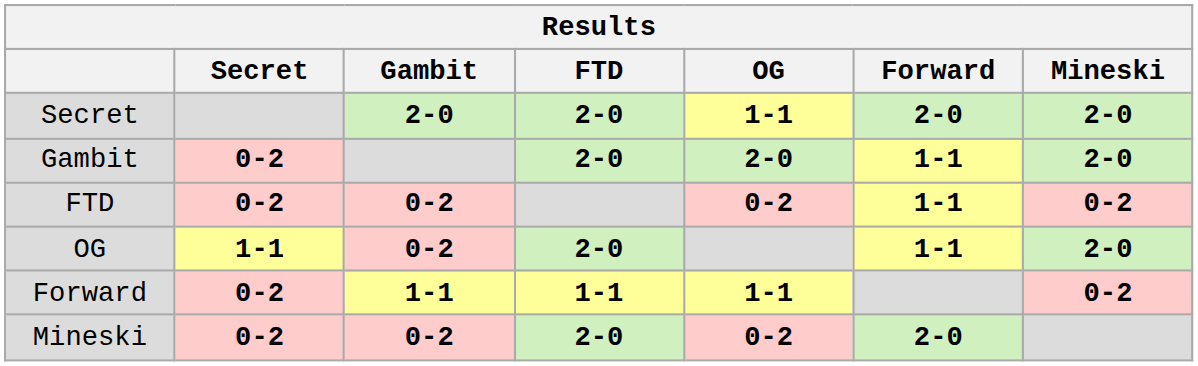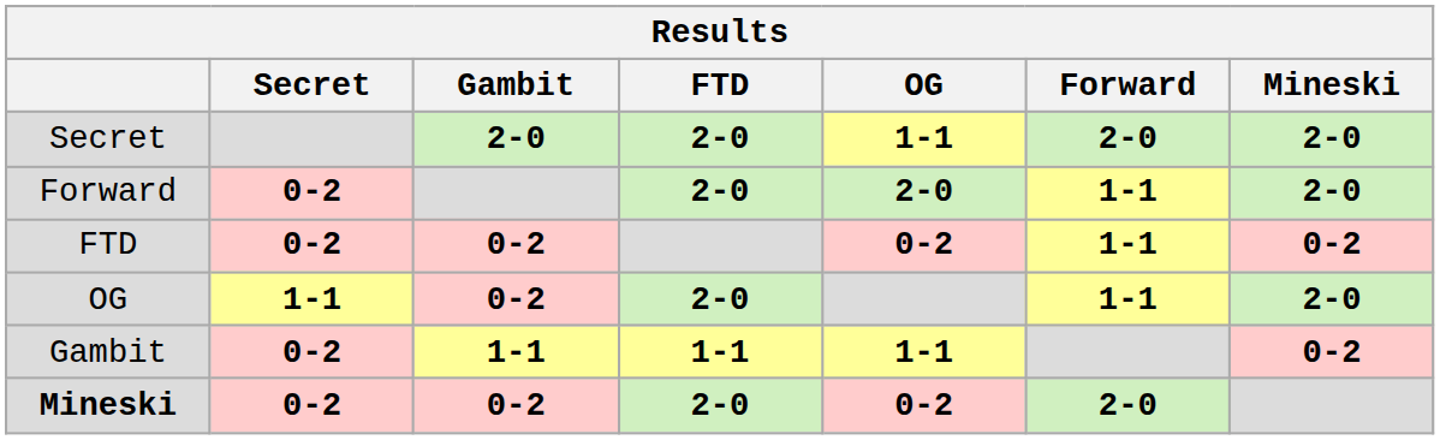 <table class="wikitable" style="text-align: center;">
 <tr>
 <th colspan=15>Results</th>
 </tr>
 <tr>
 <th width="75px"></th>
 <th width="75px">Secret</th>
 <th width="75px">Gambit</th>
 <th width="75px">FTD</th>
 <th width="75px">OG</th>
 <th width="75px">Forward</th>
 <th width="75px">Mineski</th>
 </tr>
 <tr>
 <td style="background: #DCDCDC;">Secret</td>
 <td style="background: #DCDCDC;"></td>
 <td style="background: #D0F0C0;"><strong>2-0</strong></td>
 <td style="background: #D0F0C0;"><strong>2-0</strong></td>
 <td style="background: #FFFF99;"><strong>1-1</strong></td>
 <td style="background: #D0F0C0;"><strong>2-0</strong></td>
 <td style="background: #D0F0C0;"><strong>2-0</strong></td>
 </tr>
 <tr>
-<td style="background: #DCDCDC;">Gambit</td>
+<td style="background: #DCDCDC;">Forward</td>
 <td style="background: #FFCCCC;"><strong>0-2</strong></td>
 <td style="background: #DCDCDC;"></td>
 <td style="background: #D0F0C0;"><strong>2-0</strong></td>
 <td style="background: #D0F0C0;"><strong>2-0</strong></td>
 <td style="background: #FFFF99;"><strong>1-1</strong></td>
 <td style="background: #D0F0C0;"><strong>2-0</strong></td>
 </tr>
 <tr>
 <td style="background: #DCDCDC;">FTD</td>
 <td style="background: #FFCCCC;"><strong>0-2</strong></td>
 <td style="background: #FFCCCC;"><strong>0-2</strong></td>
 <td style="background: #DCDCDC;"></td>
 <td style="background: #FFCCCC;"><strong>0-2</strong></td>
 <td style="background: #FFFF99;"><strong>1-1</strong></td>
 <td style="background: #FFCCCC;"><strong>0-2</strong></td>
 </tr>
 <tr>
 <td style="background: #DCDCDC;">OG</td>
 <td style="background: #FFFF99;"><strong>1-1</strong></td>
 <td style="background: #FFCCCC;"><strong>0-2</strong></td>
 <td style="background: #D0F0C0;"><strong>2-0</strong></td>
 <td style="background: #DCDCDC;"></td>
 <td style="background: #FFFF99;"><strong>1-1</strong></td>
 <td style="background: #D0F0C0;"><strong>2-0</strong></td>
 </tr>
 <tr>
-<td style="background: #DCDCDC;">Forward</td>
+<td style="background: #DCDCDC;">Gambit</td>
 <td style="background: #FFCCCC;"><strong>0-2</strong></td>
 <td style="background: #FFFF99;"><strong>1-1</strong></td>
 <td style="background: #FFFF99;"><strong>1-1</strong></td>
 <td style="background: #FFFF99;"><strong>1-1</strong></td>
 <td style="background: #DCDCDC;"></td>
 <td style="background: #FFCCCC;"><strong>0-2</strong></td>
 </tr>
 <tr>
-<td style="background: #DCDCDC;">Mineski</td>
+<td style="background: #DCDCDC;"><strong>Mineski</strong></td>
 <td style="background: #FFCCCC;"><strong>0-2</strong></td>
 <td style="background: #FFCCCC;"><strong>0-2</strong></td>
 <td style="background: #D0F0C0;"><strong>2-0</strong></td>
 <td style="background: #FFCCCC;"><strong>0-2</strong></td>
 <td style="background: #D0F0C0;"><strong>2-0</strong></td>
 <td style="background: #DCDCDC;"></td>
 </tr>
 </table>
